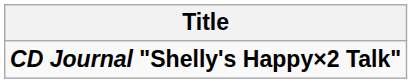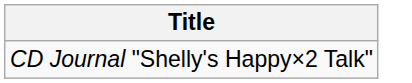 <table class="wikitable">
 <tr>
 <th>Title</th>
 </tr>
 <tr>
-<td><strong><em>CD Journal</em> "Shelly's Happy×2 Talk"</strong></td>
+<td><em>CD Journal</em> "Shelly's Happy×2 Talk"</td>
 </tr>
 </table>
